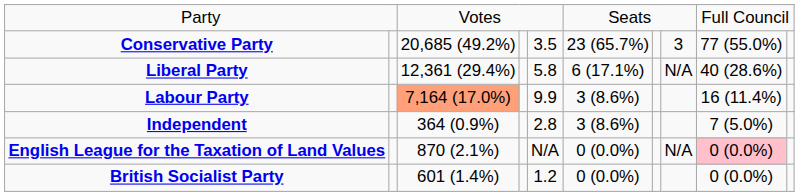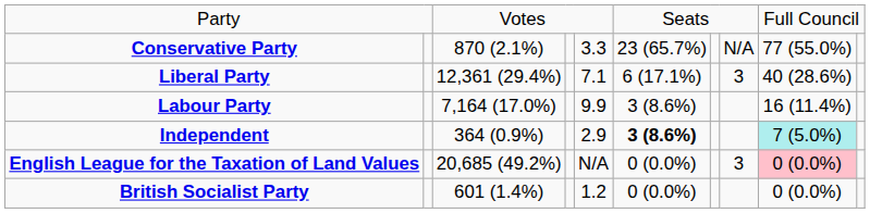 <table class=wikitable style="text-align:center;">
 <tr>
 <td colspan=2>Party</td>
 <td colspan=3>Votes</td>
 <td colspan=3>Seats</td>
 <td colspan=3>Full Council</td>
 </tr>
 <tr>
 <td><strong><a href='#'>Conservative Party</a></strong></td>
 <td style="background:"></td>
-<td>20,685 (49.2%)</td>
+<td>870 (2.1%)</td>
 <td></td>
-<td> 3.5</td>
+<td> 3.3</td>
 <td>23 (65.7%)</td>
 <td></td>
-<td> 3</td>
+<td>N/A</td>
 <td>77 (55.0%)</td>
 <td></td>
 </tr>
 <tr>
 <td><strong><a href='#'>Liberal Party</a></strong></td>
 <td style="background:"></td>
 <td>12,361 (29.4%)</td>
 <td></td>
-<td> 5.8</td>
+<td> 7.1</td>
 <td>6 (17.1%)</td>
 <td></td>
-<td>N/A</td>
+<td> 3</td>
 <td>40 (28.6%)</td>
 <td></td>
 </tr>
 <tr>
 <td><strong><a href='#'>Labour Party</a></strong></td>
 <td style="background:"></td>
-<td style="background: lightsalmon;">7,164 (17.0%)</td>
+<td>7,164 (17.0%)</td>
 <td></td>
 <td> 9.9</td>
 <td>3 (8.6%)</td>
 <td></td>
 <td></td>
 <td>16 (11.4%)</td>
 <td></td>
 </tr>
 <tr>
 <td><strong><a href='#'>Independent</a></strong></td>
 <td style="background:"></td>
 <td>364 (0.9%)</td>
 <td></td>
-<td> 2.8</td>
-<td>3 (8.6%)</td>
+<td> 2.9</td>
+<td><strong>3 (8.6%)</strong></td>
 <td></td>
 <td></td>
-<td>7 (5.0%)</td>
+<td style="background: paleturquoise;">7 (5.0%)</td>
 <td></td>
 </tr>
 <tr>
 <td><strong><a href='#'>English League for the Taxation of Land Values</a></strong></td>
 <td style="background:"></td>
-<td>870 (2.1%)</td>
+<td>20,685 (49.2%)</td>
 <td></td>
 <td>N/A</td>
 <td>0 (0.0%)</td>
 <td></td>
-<td>N/A</td>
+<td> 3</td>
 <td style="background: pink;">0 (0.0%)</td>
 <td></td>
 </tr>
 <tr>
 <td><strong><a href='#'>British Socialist Party</a></strong></td>
 <td style="background:"></td>
 <td>601 (1.4%)</td>
 <td></td>
 <td> 1.2</td>
 <td>0 (0.0%)</td>
 <td></td>
 <td></td>
 <td>0 (0.0%)</td>
 <td></td>
 </tr>
 </table>
